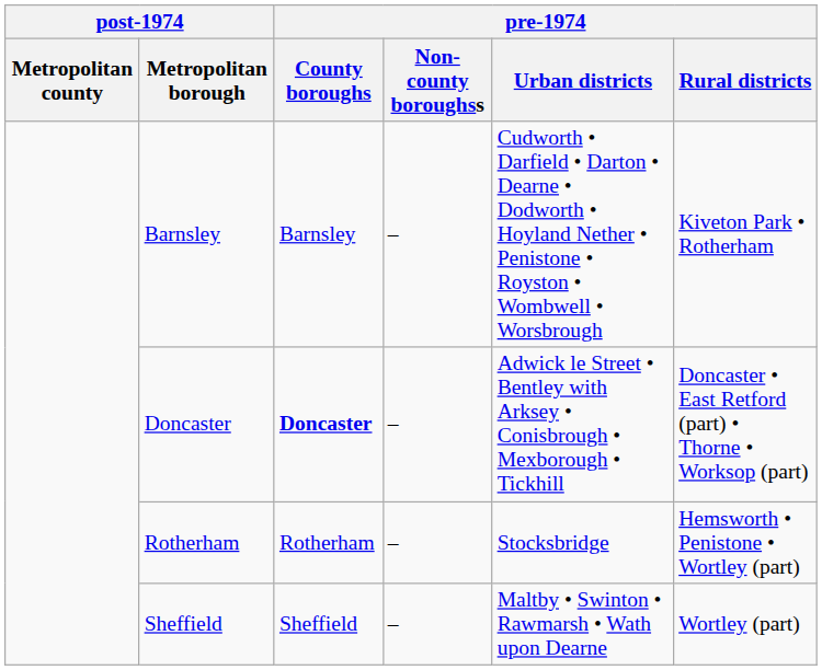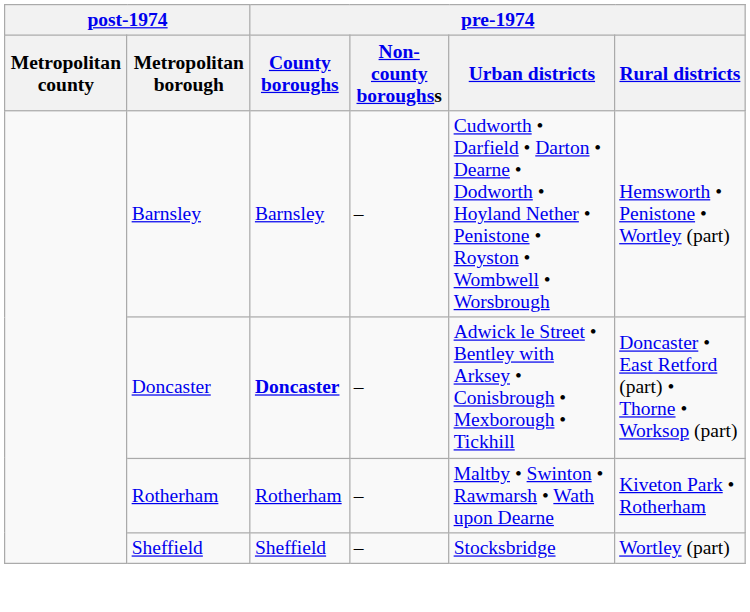 <table class="wikitable" style=" border:0; text-align:left;">
 <tr>
 <th colspan="2"><a href='#'>post-1974</a></th>
 <th colspan="4"><a href='#'>pre-1974</a></th>
 </tr>
 <tr>
 <th>Metropolitan county</th>
 <th>Metropolitan borough</th>
 <th><a href='#'>County boroughs</a></th>
 <th><a href='#'>Non-county boroughs</a>s</th>
 <th><a href='#'>Urban districts</a></th>
 <th><a href='#'>Rural districts</a></th>
 </tr>
 <tr>
 <td rowspan=4><br></td>
 <td><a href='#'>Barnsley</a></td>
 <td><a href='#'>Barnsley</a></td>
 <td>–</td>
 <td><a href='#'>Cudworth</a> • <a href='#'>Darfield</a> • <a href='#'>Darton</a> • <a href='#'>Dearne</a> • <a href='#'>Dodworth</a> • <a href='#'>Hoyland Nether</a> • <a href='#'>Penistone</a> • <a href='#'>Royston</a> • <a href='#'>Wombwell</a> • <a href='#'>Worsbrough</a></td>
-<td><a href='#'>Kiveton Park</a> • <a href='#'>Rotherham</a></td>
+<td><a href='#'>Hemsworth</a> • <a href='#'>Penistone</a> • <a href='#'>Wortley</a> (part)</td>
 </tr>
 <tr>
 <td><a href='#'>Doncaster</a></td>
 <td><strong><a href='#'>Doncaster</a></strong></td>
 <td>–</td>
 <td><a href='#'>Adwick le Street</a> • <a href='#'>Bentley with Arksey</a> • <a href='#'>Conisbrough</a> • <a href='#'>Mexborough</a> • <a href='#'>Tickhill</a></td>
 <td><a href='#'>Doncaster</a> • <a href='#'>East Retford</a> (part) • <a href='#'>Thorne</a> • <a href='#'>Worksop</a> (part)</td>
 </tr>
 <tr>
 <td><a href='#'>Rotherham</a></td>
 <td><a href='#'>Rotherham</a></td>
 <td>–</td>
-<td><a href='#'>Stocksbridge</a></td>
-<td><a href='#'>Hemsworth</a> • <a href='#'>Penistone</a> • <a href='#'>Wortley</a> (part)</td>
+<td><a href='#'>Maltby</a> • <a href='#'>Swinton</a> • <a href='#'>Rawmarsh</a> • <a href='#'>Wath upon Dearne</a></td>
+<td><a href='#'>Kiveton Park</a> • <a href='#'>Rotherham</a></td>
 </tr>
 <tr>
 <td><a href='#'>Sheffield</a></td>
 <td><a href='#'>Sheffield</a></td>
 <td>–</td>
-<td><a href='#'>Maltby</a> • <a href='#'>Swinton</a> • <a href='#'>Rawmarsh</a> • <a href='#'>Wath upon Dearne</a></td>
+<td><a href='#'>Stocksbridge</a></td>
 <td><a href='#'>Wortley</a> (part)</td>
 </tr>
 </table>
